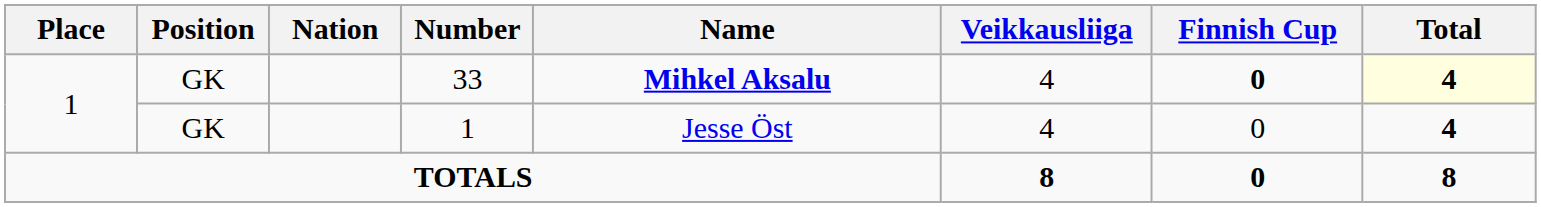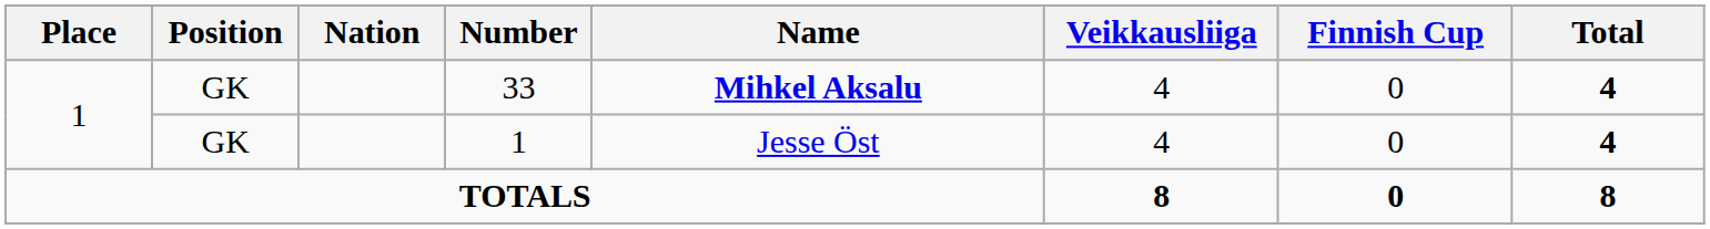 <table class="wikitable" style="font-size: 95%; text-align: center;">
 <tr>
 <th width=60>Place</th>
 <th width=60>Position</th>
 <th width=60>Nation</th>
 <th width=60>Number</th>
 <th width=200>Name</th>
 <th width=100><a href='#'>Veikkausliiga</a></th>
 <th width=100><a href='#'>Finnish Cup</a></th>
 <th width=80><strong>Total</strong></th>
 </tr>
 <tr>
 <td rowspan="2">1</td>
 <td>GK</td>
 <td></td>
 <td>33</td>
 <td><strong><a href='#'>Mihkel Aksalu</a></strong></td>
 <td>4</td>
-<td><strong>0</strong></td>
-<td style="background: lightyellow;"><strong>4</strong></td>
+<td>0</td>
+<td><strong>4</strong></td>
 </tr>
 <tr>
 <td>GK</td>
 <td></td>
 <td>1</td>
 <td><a href='#'>Jesse Öst</a></td>
 <td>4</td>
 <td>0</td>
 <td><strong>4</strong></td>
 </tr>
 <tr>
 <td colspan="5"><strong>TOTALS</strong></td>
 <td><strong>8</strong></td>
 <td><strong>0</strong></td>
 <td><strong>8</strong></td>
 </tr>
 </table>
